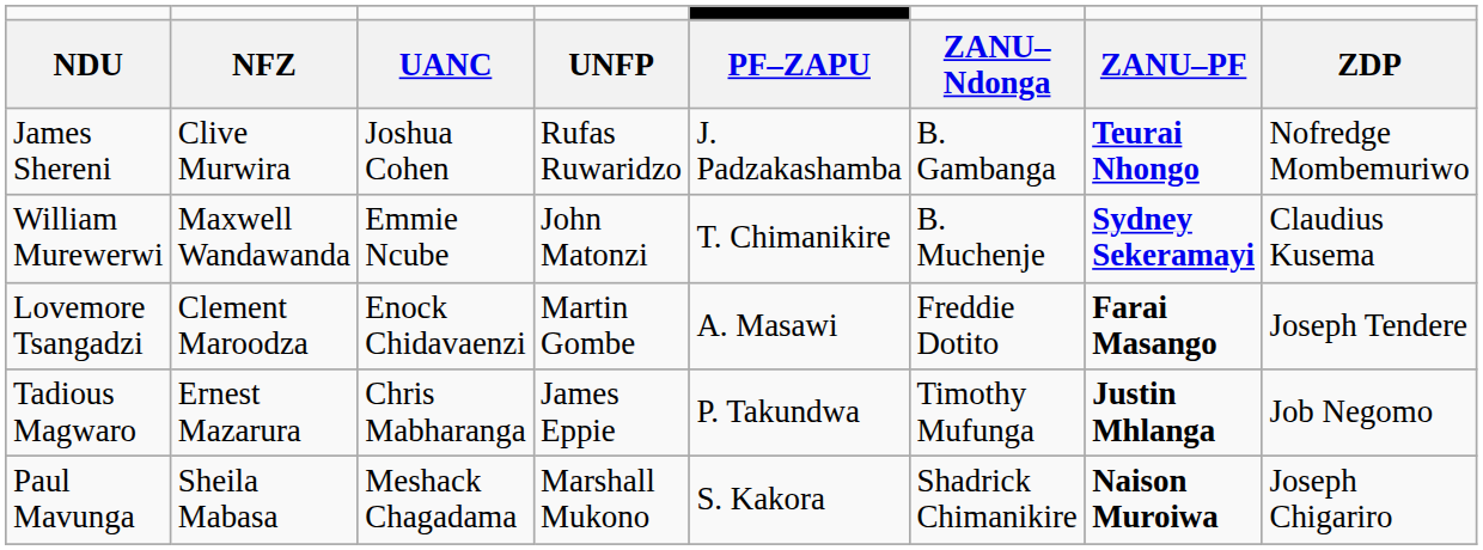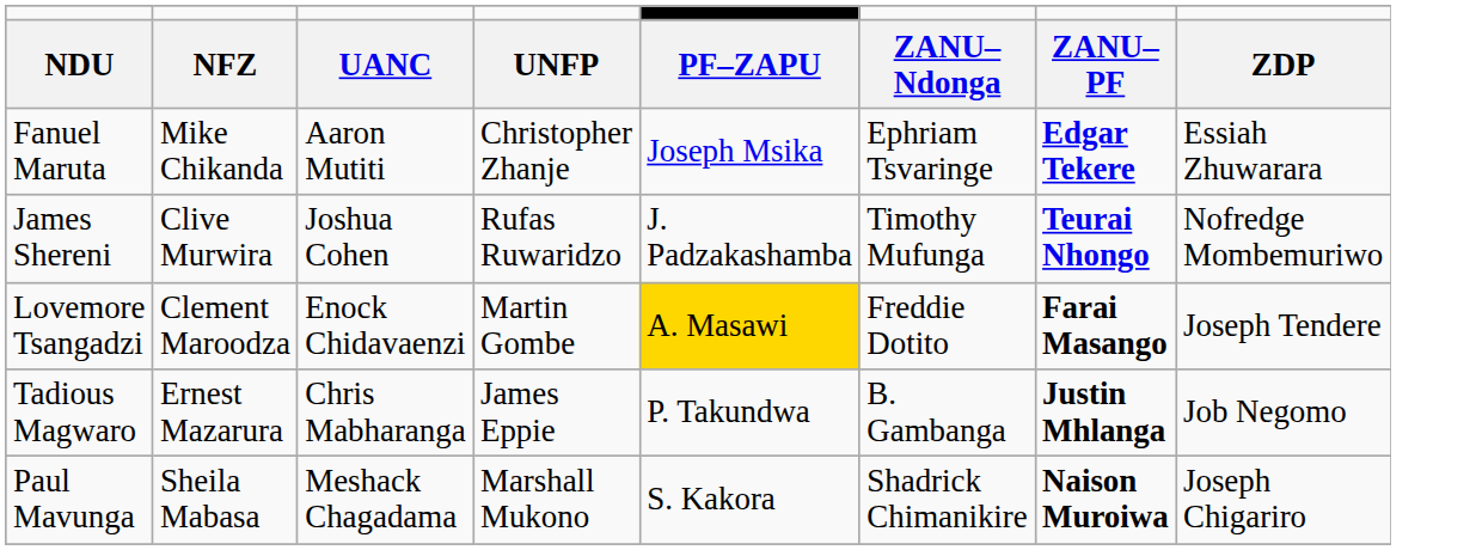 <table class="wikitable">
 <tr>
 <td></td>
 <td></td>
 <td style="background-color: "></td>
 <td style="background-color: "></td>
 <td style="background-color:#000000"></td>
 <td></td>
 <td style="background-color: "></td>
 <td></td>
 </tr>
 <tr>
 <th>NDU</th>
 <th>NFZ</th>
 <th><a href='#'>UANC</a></th>
 <th>UNFP</th>
 <th><a href='#'>PF–ZAPU</a></th>
 <th><a href='#'>ZANU–Ndonga</a></th>
 <th><a href='#'>ZANU–PF</a></th>
 <th>ZDP</th>
 </tr>
 <tr>
+<td>Fanuel Maruta</td>
+<td>Mike Chikanda</td>
+<td>Aaron Mutiti</td>
+<td>Christopher Zhanje</td>
+<td><a href='#'>Joseph Msika</a></td>
+<td>Ephriam Tsvaringe</td>
+<td><strong><a href='#'>Edgar Tekere</a></strong></td>
+<td>Essiah Zhuwarara</td>
+</tr>
+<tr>
 <td>James Shereni</td>
 <td>Clive Murwira</td>
 <td>Joshua Cohen</td>
 <td>Rufas Ruwaridzo</td>
 <td>J. Padzakashamba</td>
-<td>B. Gambanga</td>
+<td>Timothy Mufunga</td>
 <td><a href='#'><strong>Teurai Nhongo</strong></a></td>
 <td>Nofredge Mombemuriwo</td>
-</tr>
-<tr>
-<td>William Murewerwi</td>
-<td>Maxwell Wandawanda</td>
-<td>Emmie Ncube</td>
-<td>John Matonzi</td>
-<td>T. Chimanikire</td>
-<td>B. Muchenje</td>
-<td><strong><a href='#'>Sydney Sekeramayi</a></strong></td>
-<td>Claudius Kusema</td>
 </tr>
 <tr>
 <td>Lovemore Tsangadzi</td>
 <td>Clement Maroodza</td>
 <td>Enock Chidavaenzi</td>
 <td>Martin Gombe</td>
-<td>A. Masawi</td>
+<td style="background: gold;">A. Masawi</td>
 <td>Freddie Dotito</td>
 <td><strong>Farai Masango</strong></td>
 <td>Joseph Tendere</td>
 </tr>
 <tr>
 <td>Tadious Magwaro</td>
 <td>Ernest Mazarura</td>
 <td>Chris Mabharanga</td>
 <td>James Eppie</td>
 <td>P. Takundwa</td>
-<td>Timothy Mufunga</td>
+<td>B. Gambanga</td>
 <td><strong>Justin Mhlanga</strong></td>
 <td>Job Negomo</td>
 </tr>
 <tr>
 <td>Paul Mavunga</td>
 <td>Sheila Mabasa</td>
 <td>Meshack Chagadama</td>
 <td>Marshall Mukono</td>
 <td>S. Kakora</td>
 <td>Shadrick Chimanikire</td>
 <td><strong>Naison Muroiwa</strong></td>
 <td>Joseph Chigariro</td>
 </tr>
 </table>
